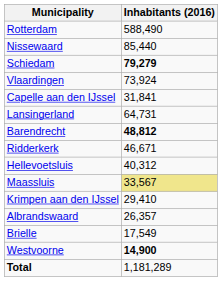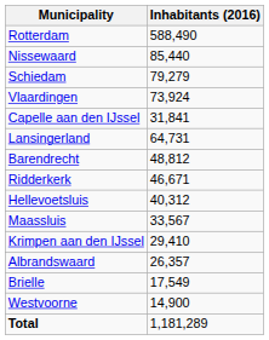 <table class="wikitable">
 <tr>
 <th>Municipality</th>
 <th>Inhabitants (2016) </th>
 </tr>
 <tr>
 <td><a href='#'>Rotterdam</a></td>
 <td>588,490</td>
 </tr>
 <tr>
 <td><a href='#'>Nissewaard</a></td>
 <td>85,440</td>
 </tr>
 <tr>
 <td><a href='#'>Schiedam</a></td>
-<td><strong>79,279</strong></td>
+<td>79,279</td>
 </tr>
 <tr>
 <td><a href='#'>Vlaardingen</a></td>
 <td>73,924</td>
 </tr>
 <tr>
 <td><a href='#'>Capelle aan den IJssel</a></td>
 <td>31,841</td>
 </tr>
 <tr>
 <td><a href='#'>Lansingerland</a></td>
 <td>64,731</td>
 </tr>
 <tr>
 <td><a href='#'>Barendrecht</a></td>
-<td><strong>48,812</strong></td>
+<td>48,812</td>
 </tr>
 <tr>
 <td><a href='#'>Ridderkerk</a></td>
 <td>46,671</td>
 </tr>
 <tr>
 <td><a href='#'>Hellevoetsluis</a></td>
 <td>40,312</td>
 </tr>
 <tr>
 <td><a href='#'>Maassluis</a></td>
-<td style="background: khaki;">33,567</td>
+<td>33,567</td>
 </tr>
 <tr>
 <td><a href='#'>Krimpen aan den IJssel</a></td>
 <td>29,410</td>
 </tr>
 <tr>
 <td><a href='#'>Albrandswaard</a></td>
 <td>26,357</td>
 </tr>
 <tr>
 <td><a href='#'>Brielle</a></td>
 <td>17,549</td>
 </tr>
 <tr>
 <td><a href='#'>Westvoorne</a></td>
-<td><strong>14,900</strong></td>
+<td>14,900</td>
 </tr>
 <tr>
 <td><strong>Total</strong></td>
 <td>1,181,289</td>
 </tr>
 </table>
